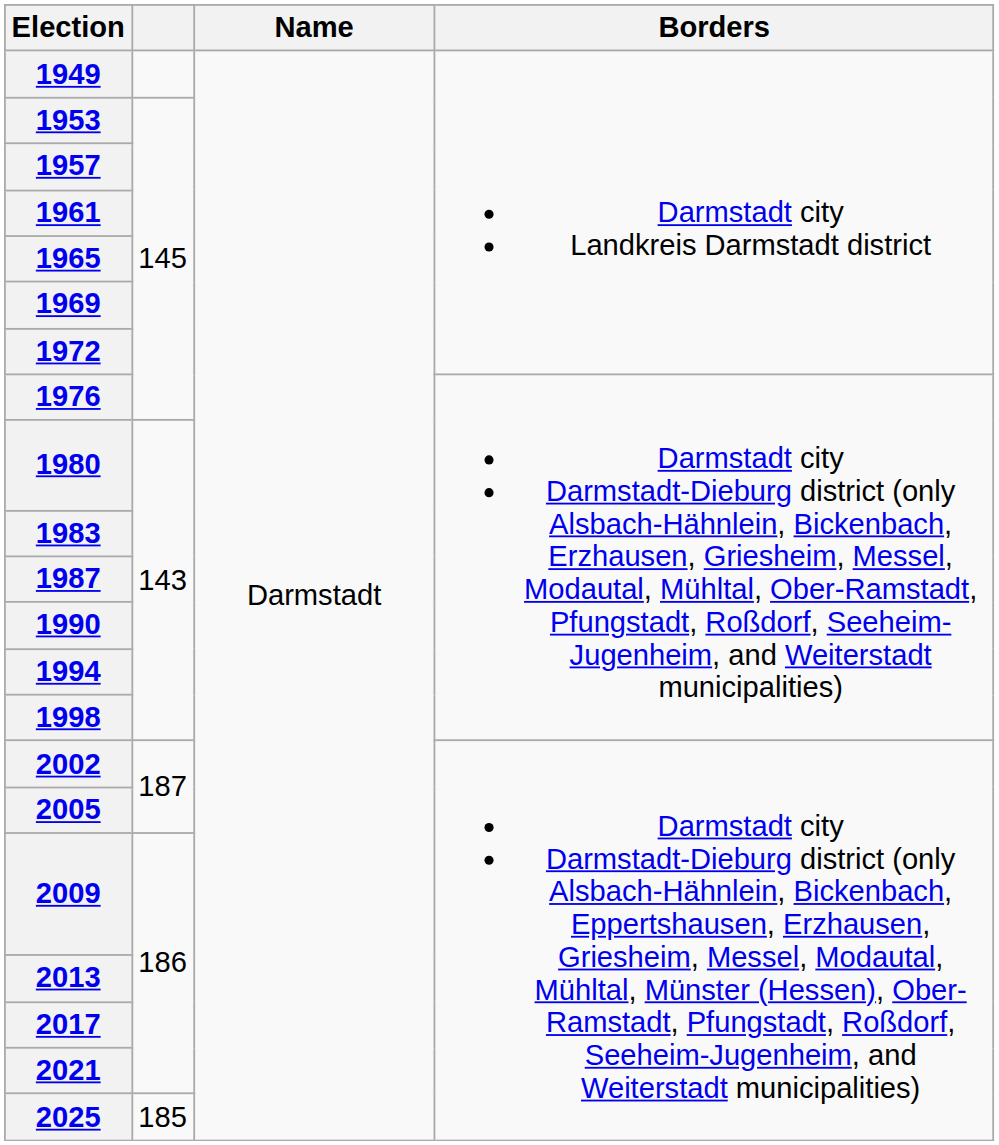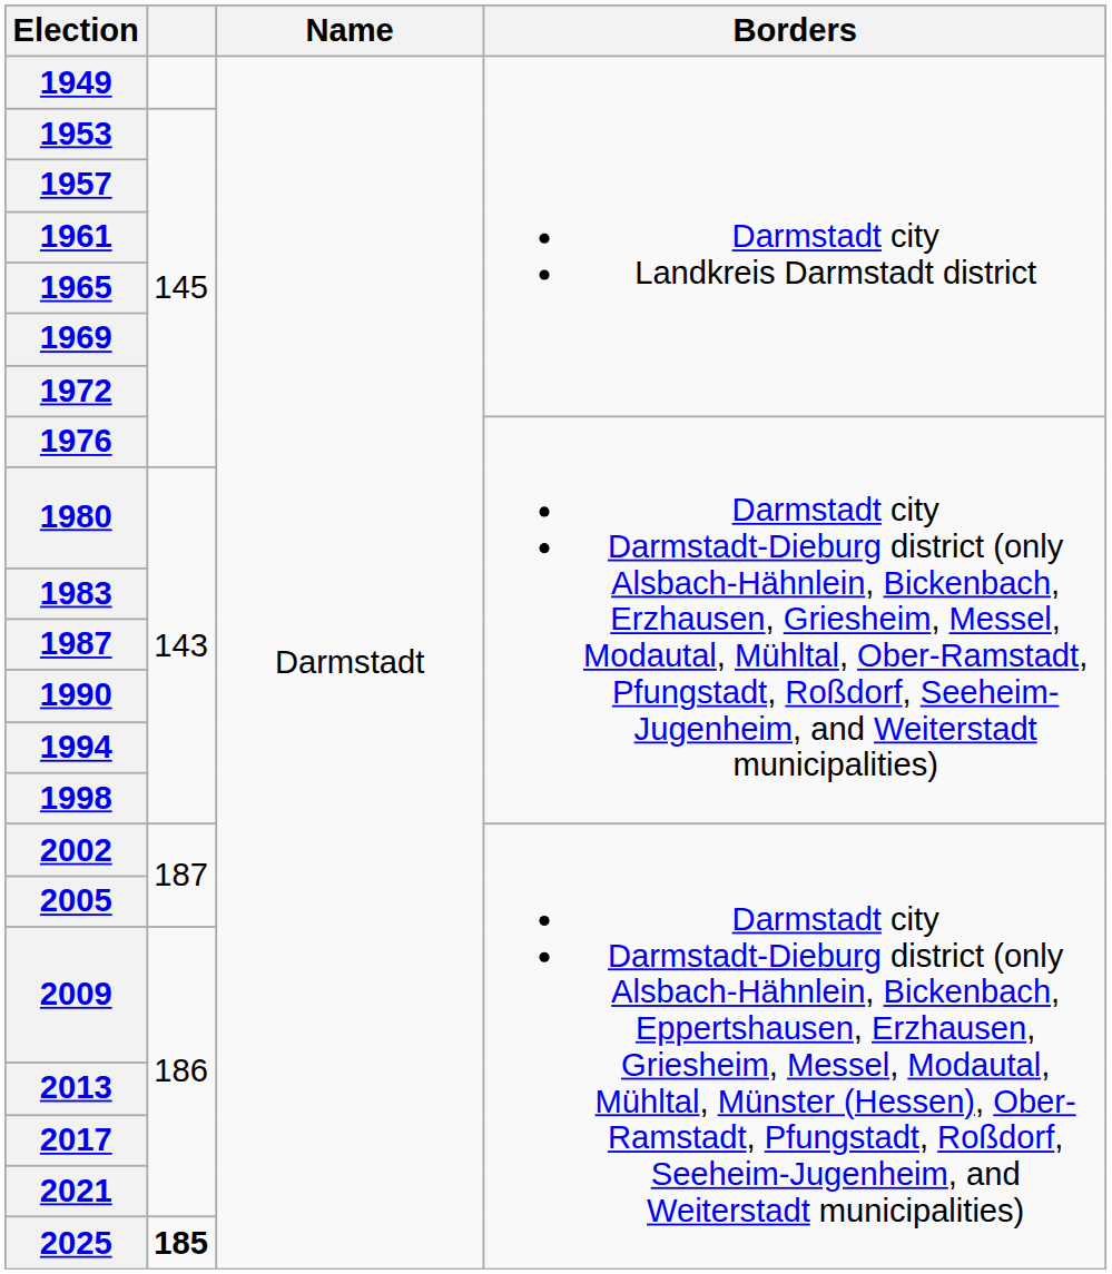 <table class=wikitable style="text-align:center">
 <tr>
 <th>Election</th>
 <th></th>
 <th width=125px>Name</th>
 <th width=300px>Borders</th>
 </tr>
 <tr>
 <th><a href='#'>1949</a></th>
 <td></td>
 <td rowspan=21>Darmstadt</td>
 <td rowspan=7><br><ul><li><a href='#'>Darmstadt</a> city</li><li>Landkreis Darmstadt district</li></ul></td>
 </tr>
 <tr>
 <th><a href='#'>1953</a></th>
 <td rowspan=7>145</td>
 </tr>
 <tr>
 <th><a href='#'>1957</a></th>
 </tr>
 <tr>
 <th><a href='#'>1961</a></th>
 </tr>
 <tr>
 <th><a href='#'>1965</a></th>
 </tr>
 <tr>
 <th><a href='#'>1969</a></th>
 </tr>
 <tr>
 <th><a href='#'>1972</a></th>
 </tr>
 <tr>
 <th><a href='#'>1976</a></th>
 <td rowspan=7><br><ul><li><a href='#'>Darmstadt</a> city</li><li><a href='#'>Darmstadt-Dieburg</a> district (only <a href='#'>Alsbach-Hähnlein</a>, <a href='#'>Bickenbach</a>, <a href='#'>Erzhausen</a>, <a href='#'>Griesheim</a>, <a href='#'>Messel</a>, <a href='#'>Modautal</a>, <a href='#'>Mühltal</a>, <a href='#'>Ober-Ramstadt</a>, <a href='#'>Pfungstadt</a>, <a href='#'>Roßdorf</a>, <a href='#'>Seeheim-Jugenheim</a>, and <a href='#'>Weiterstadt</a> municipalities)</li></ul></td>
 </tr>
 <tr>
 <th><a href='#'>1980</a></th>
 <td rowspan=6>143</td>
 </tr>
 <tr>
 <th><a href='#'>1983</a></th>
 </tr>
 <tr>
 <th><a href='#'>1987</a></th>
 </tr>
 <tr>
 <th><a href='#'>1990</a></th>
 </tr>
 <tr>
 <th><a href='#'>1994</a></th>
 </tr>
 <tr>
 <th><a href='#'>1998</a></th>
 </tr>
 <tr>
 <th><a href='#'>2002</a></th>
 <td rowspan=2>187</td>
 <td rowspan=7><br><ul><li><a href='#'>Darmstadt</a> city</li><li><a href='#'>Darmstadt-Dieburg</a> district (only <a href='#'>Alsbach-Hähnlein</a>, <a href='#'>Bickenbach</a>, <a href='#'>Eppertshausen</a>, <a href='#'>Erzhausen</a>, <a href='#'>Griesheim</a>, <a href='#'>Messel</a>, <a href='#'>Modautal</a>, <a href='#'>Mühltal</a>, <a href='#'>Münster (Hessen)</a>, <a href='#'>Ober-Ramstadt</a>, <a href='#'>Pfungstadt</a>, <a href='#'>Roßdorf</a>, <a href='#'>Seeheim-Jugenheim</a>, and <a href='#'>Weiterstadt</a> municipalities)</li></ul></td>
 </tr>
 <tr>
 <th><a href='#'>2005</a></th>
 </tr>
 <tr>
 <th><a href='#'>2009</a></th>
 <td rowspan=4>186</td>
 </tr>
 <tr>
 <th><a href='#'>2013</a></th>
 </tr>
 <tr>
 <th><a href='#'>2017</a></th>
 </tr>
 <tr>
 <th><a href='#'>2021</a></th>
 </tr>
 <tr>
 <th><a href='#'>2025</a></th>
-<td>185</td>
+<td><strong>185</strong></td>
 </tr>
 </table>
